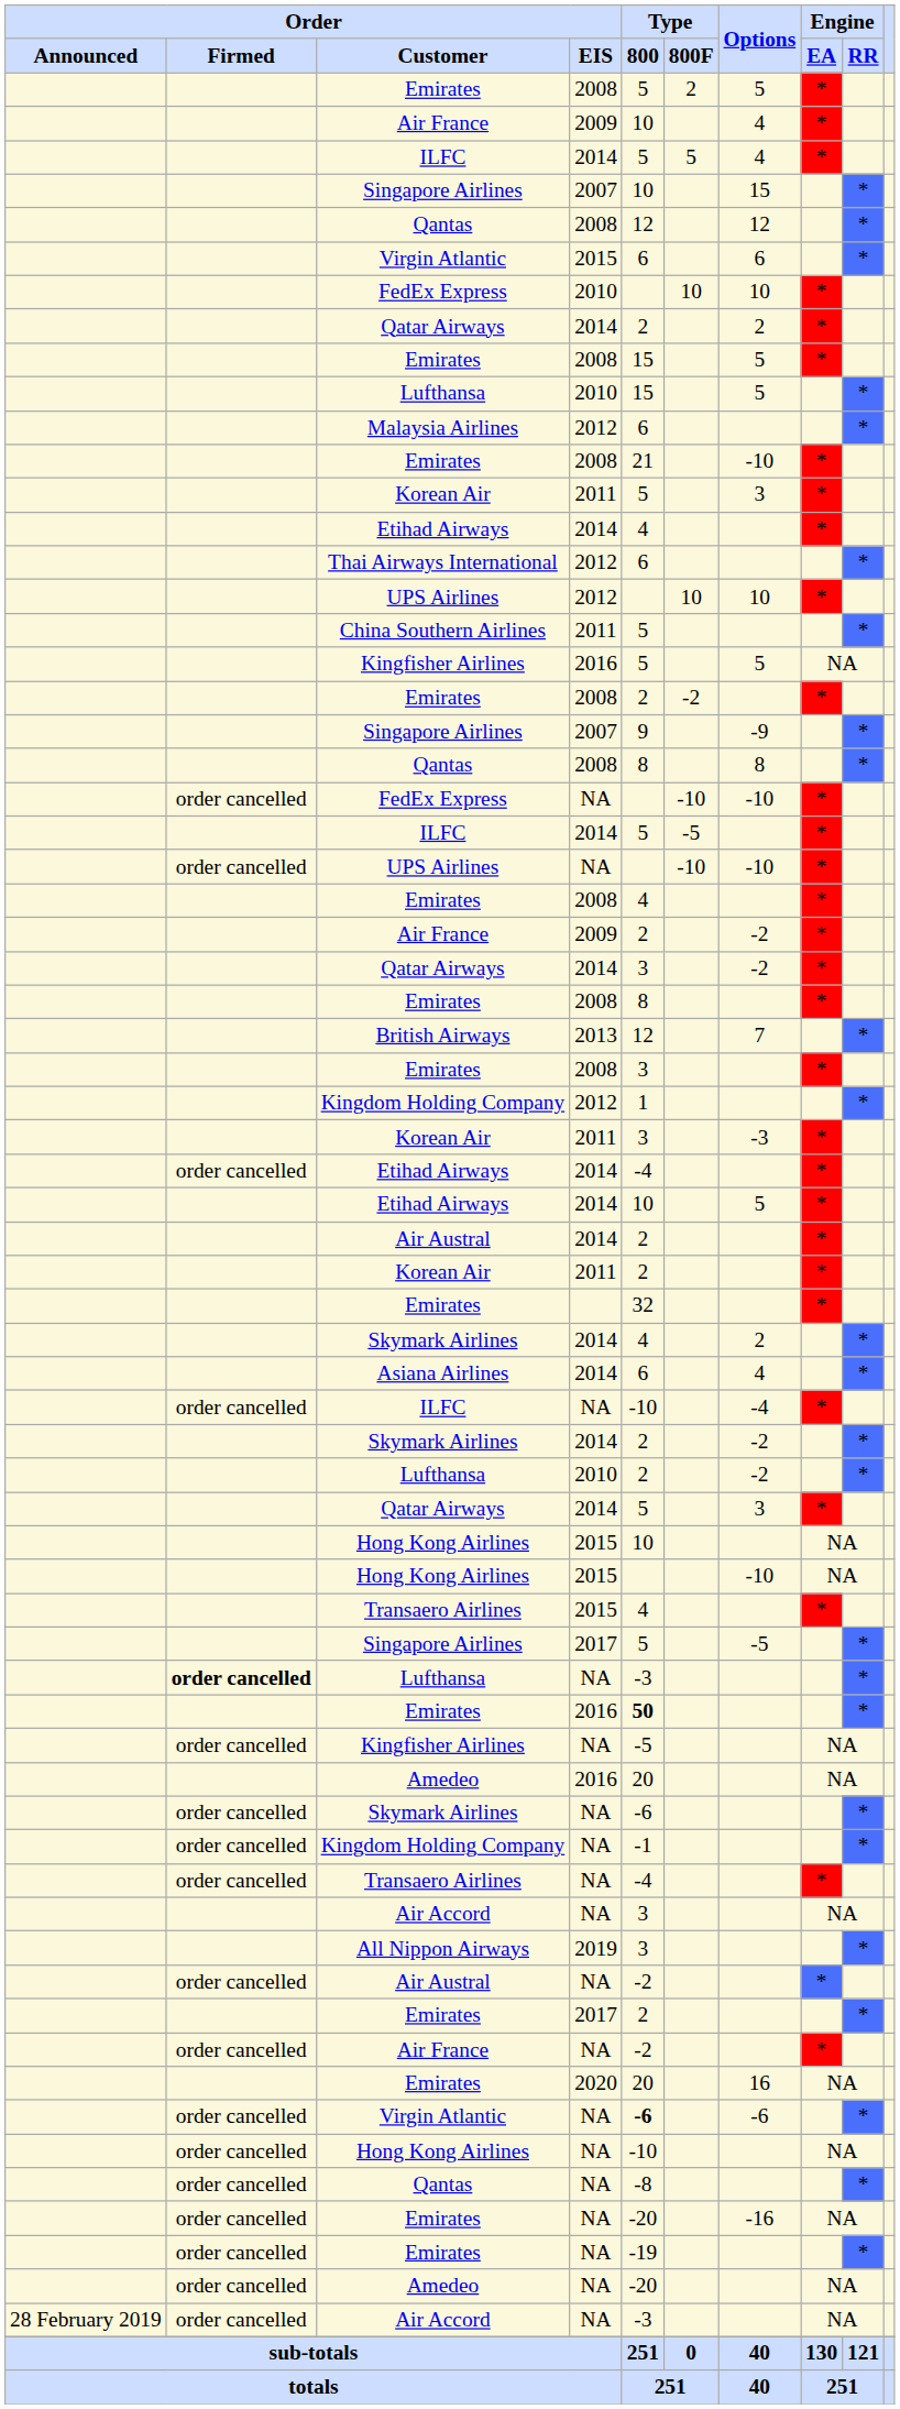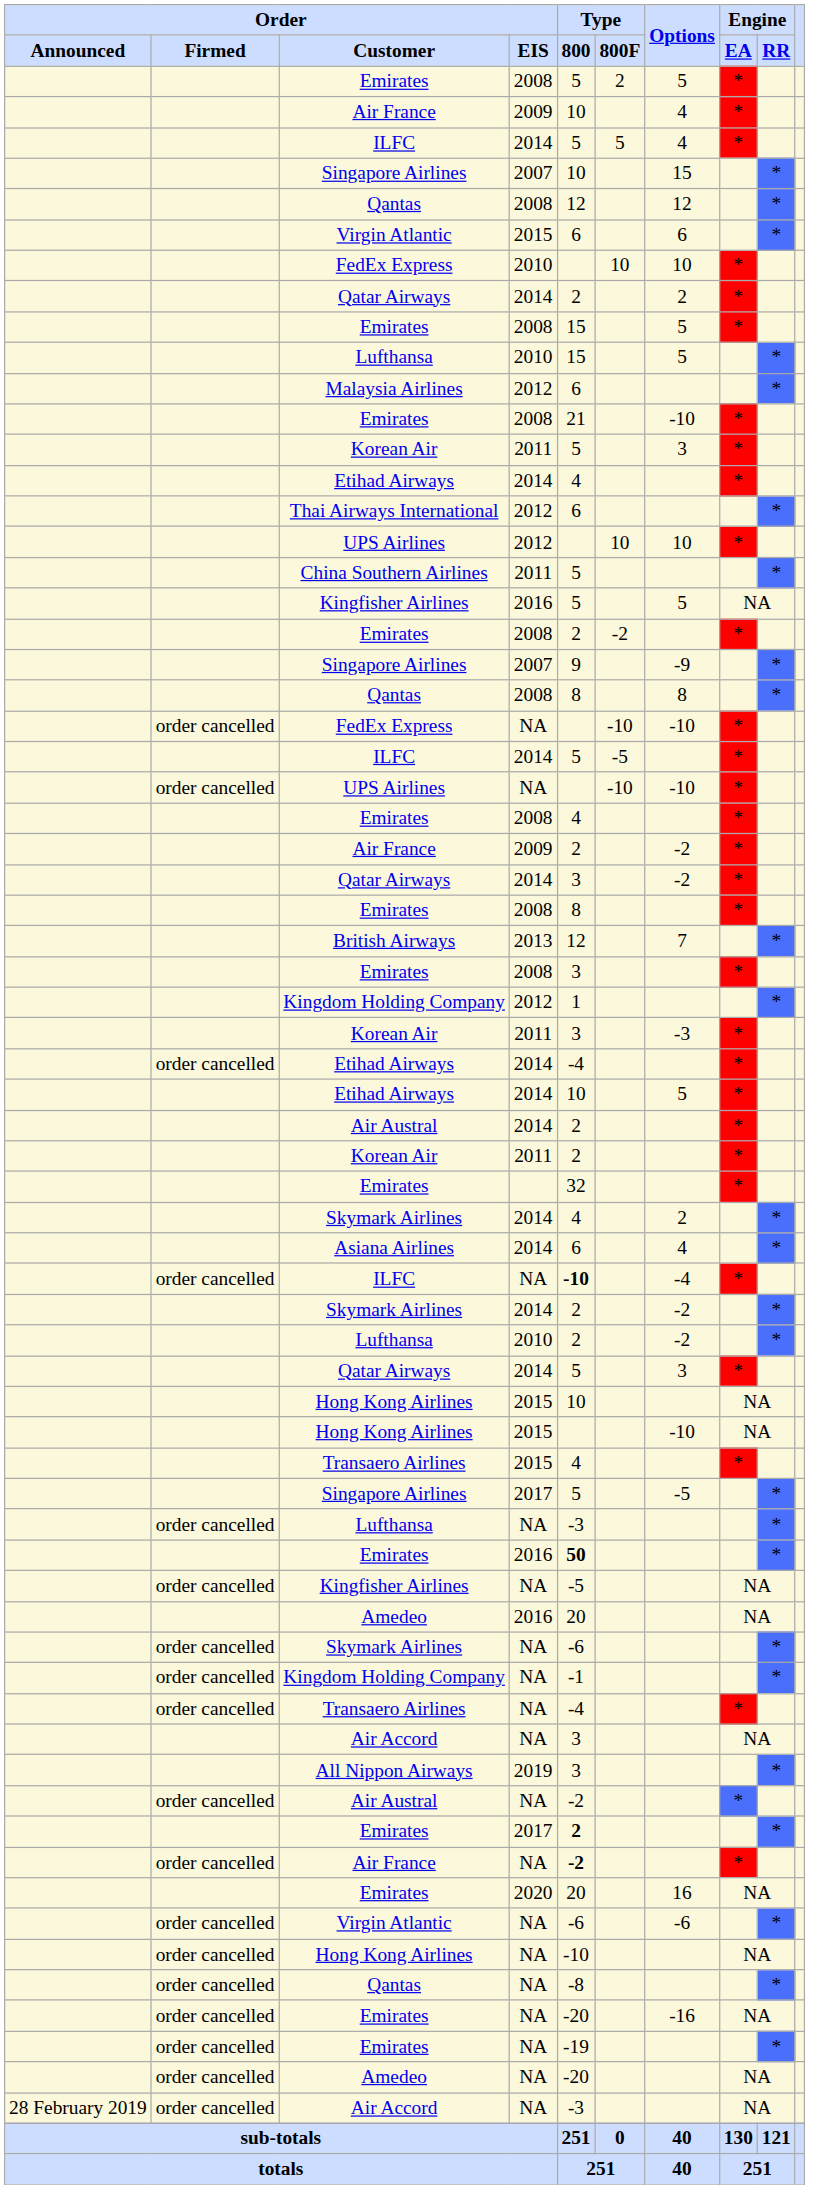 <table class="wikitable sortable sticky-header-multi" style="text-align:center; background-color:#fbf8db">
 <tr>
 <th colspan="4" style="background-color:#ccddff">Order</th>
 <th colspan="2" style="background-color:#ccddff">Type</th>
 <th rowspan="2" style="background-color:#ccddff"><a href='#'>Options</a></th>
 <th colspan="2" style="background-color:#ccddff">Engine</th>
 <th rowspan="2" style="background-color:#ccddff"></th>
 </tr>
 <tr>
 <th style="background-color:#ccddff">Announced</th>
 <th style="background-color:#ccddff">Firmed</th>
 <th style="background-color:#ccddff">Customer</th>
 <th style="background-color:#ccddff">EIS</th>
 <th style="background-color:#ccddff">800</th>
 <th style="background-color:#ccddff">800F</th>
 <th style="background-color:#ccddff"><a href='#'>EA</a></th>
 <th style="background-color:#ccddff"><a href='#'>RR</a></th>
 </tr>
 <tr>
 <td align="center"></td>
 <td align="center"></td>
 <td align="center"><a href='#'>Emirates</a></td>
 <td>2008</td>
 <td>5</td>
 <td>2</td>
 <td>5</td>
 <td style="background:red;">*</td>
 <td></td>
 <td></td>
 </tr>
 <tr>
 <td align="center"></td>
 <td align="center"></td>
 <td align="center"><a href='#'>Air France</a></td>
 <td>2009</td>
 <td>10</td>
 <td></td>
 <td>4</td>
 <td style="background:red;">*</td>
 <td></td>
 <td></td>
 </tr>
 <tr>
 <td align="center"></td>
 <td align="center"></td>
 <td align="center"><a href='#'>ILFC</a></td>
 <td>2014</td>
 <td>5</td>
 <td>5</td>
 <td>4</td>
 <td style="background:red;">*</td>
 <td></td>
 <td></td>
 </tr>
 <tr>
 <td align="center"></td>
 <td align="center"></td>
 <td align="center"><a href='#'>Singapore Airlines</a></td>
 <td>2007</td>
 <td>10</td>
 <td></td>
 <td>15</td>
 <td></td>
 <td style="background:#4a6ffd;">*</td>
 <td></td>
 </tr>
 <tr>
 <td align="center"></td>
 <td align="center"></td>
 <td align="center"><a href='#'>Qantas</a></td>
 <td>2008</td>
 <td>12</td>
 <td></td>
 <td>12</td>
 <td></td>
 <td style="background:#4a6ffd;">*</td>
 <td></td>
 </tr>
 <tr>
 <td align="center"></td>
 <td align="center"></td>
 <td align="center"><a href='#'>Virgin Atlantic</a></td>
 <td>2015</td>
 <td>6</td>
 <td></td>
 <td>6</td>
 <td></td>
 <td style="background:#4a6ffd;">*</td>
 <td></td>
 </tr>
 <tr>
 <td align="center"></td>
 <td align="center"></td>
 <td align="center"><a href='#'>FedEx Express</a></td>
 <td>2010</td>
 <td></td>
 <td>10</td>
 <td>10</td>
 <td style="background:red;">*</td>
 <td></td>
 <td></td>
 </tr>
 <tr>
 <td align="center"></td>
 <td align="center"></td>
 <td align="center"><a href='#'>Qatar Airways</a></td>
 <td>2014</td>
 <td>2</td>
 <td></td>
 <td>2</td>
 <td style="background:red;">*</td>
 <td></td>
 <td></td>
 </tr>
 <tr>
 <td align="center"></td>
 <td align="center"></td>
 <td align="center"><a href='#'>Emirates</a></td>
 <td>2008</td>
 <td>15</td>
 <td></td>
 <td>5</td>
 <td style="background:red;">*</td>
 <td></td>
 <td></td>
 </tr>
 <tr>
 <td align="center"></td>
 <td align="center"></td>
 <td align="center"><a href='#'>Lufthansa</a></td>
 <td>2010</td>
 <td>15</td>
 <td></td>
 <td>5</td>
 <td></td>
 <td style="background:#4a6ffd;">*</td>
 <td></td>
 </tr>
 <tr>
 <td align="center"></td>
 <td align="center"></td>
 <td align="center"><a href='#'>Malaysia Airlines</a></td>
 <td>2012</td>
 <td>6</td>
 <td></td>
 <td></td>
 <td></td>
 <td style="background:#4a6ffd;">*</td>
 <td></td>
 </tr>
 <tr>
 <td align="center"></td>
 <td align="center"></td>
 <td align="center"><a href='#'>Emirates</a></td>
 <td>2008</td>
 <td>21</td>
 <td></td>
 <td>-10</td>
 <td style="background:red;">*</td>
 <td></td>
 <td></td>
 </tr>
 <tr>
 <td align="center"></td>
 <td align="center"></td>
 <td align="center"><a href='#'>Korean Air</a></td>
 <td>2011</td>
 <td>5</td>
 <td></td>
 <td>3</td>
 <td style="background:red;">*</td>
 <td></td>
 <td></td>
 </tr>
 <tr>
 <td align="center"></td>
 <td align="center"></td>
 <td align="center"><a href='#'>Etihad Airways</a></td>
 <td>2014</td>
 <td>4</td>
 <td></td>
 <td></td>
 <td style="background:red;">*</td>
 <td></td>
 <td></td>
 </tr>
 <tr>
 <td align="center"></td>
 <td align="center"></td>
 <td align="center"><a href='#'>Thai Airways International</a></td>
 <td>2012</td>
 <td>6</td>
 <td></td>
 <td></td>
 <td></td>
 <td style="background:#4a6ffd;">*</td>
 <td></td>
 </tr>
 <tr>
 <td align="center"></td>
 <td align="center"></td>
 <td align="center"><a href='#'>UPS Airlines</a></td>
 <td>2012</td>
 <td></td>
 <td>10</td>
 <td>10</td>
 <td style="background:red;">*</td>
 <td></td>
 <td></td>
 </tr>
 <tr>
 <td align="center"></td>
 <td align="center"></td>
 <td align="center"><a href='#'>China Southern Airlines</a></td>
 <td>2011</td>
 <td>5</td>
 <td></td>
 <td></td>
 <td></td>
 <td style="background:#4a6ffd;">*</td>
 <td></td>
 </tr>
 <tr>
 <td align="center"></td>
 <td align="center"></td>
 <td align="center"><a href='#'>Kingfisher Airlines</a></td>
 <td>2016</td>
 <td>5</td>
 <td></td>
 <td>5</td>
 <td colspan="2">NA</td>
 <td></td>
 </tr>
 <tr>
 <td align="center"></td>
 <td align="center"></td>
 <td align="center"><a href='#'>Emirates</a></td>
 <td>2008</td>
 <td>2</td>
 <td>-2</td>
 <td></td>
 <td style="background:red;">*</td>
 <td></td>
 <td></td>
 </tr>
 <tr>
 <td align="center"></td>
 <td align="center"></td>
 <td align="center"><a href='#'>Singapore Airlines</a></td>
 <td>2007</td>
 <td>9</td>
 <td></td>
 <td>-9</td>
 <td></td>
 <td style="background:#4a6ffd;">*</td>
 <td></td>
 </tr>
 <tr>
 <td align="center"></td>
 <td align="center"></td>
 <td align="center"><a href='#'>Qantas</a></td>
 <td>2008</td>
 <td>8</td>
 <td></td>
 <td>8</td>
 <td></td>
 <td style="background:#4a6ffd;">*</td>
 <td></td>
 </tr>
 <tr>
 <td align="center"></td>
 <td align="center">order cancelled</td>
 <td align="center"><a href='#'>FedEx Express</a></td>
 <td>NA</td>
 <td></td>
 <td>-10</td>
 <td>-10</td>
 <td style="background:red;">*</td>
 <td></td>
 <td></td>
 </tr>
 <tr>
 <td align="center"></td>
 <td align="center"></td>
 <td align="center"><a href='#'>ILFC</a></td>
 <td>2014</td>
 <td>5</td>
 <td>-5</td>
 <td></td>
 <td style="background:red;">*</td>
 <td></td>
 <td></td>
 </tr>
 <tr>
 <td align="center"></td>
 <td align="center">order cancelled</td>
 <td align="center"><a href='#'>UPS Airlines</a></td>
 <td>NA</td>
 <td></td>
 <td>-10</td>
 <td>-10</td>
 <td style="background:red;">*</td>
 <td></td>
 <td></td>
 </tr>
 <tr>
 <td align="center"></td>
 <td align="center"></td>
 <td align="center"><a href='#'>Emirates</a></td>
 <td>2008</td>
 <td>4</td>
 <td></td>
 <td></td>
 <td style="background:red;">*</td>
 <td></td>
 <td></td>
 </tr>
 <tr>
 <td align="center"></td>
 <td align="center"></td>
 <td align="center"><a href='#'>Air France</a></td>
 <td>2009</td>
 <td>2</td>
 <td></td>
 <td>-2</td>
 <td style="background:red;">*</td>
 <td></td>
 <td></td>
 </tr>
 <tr>
 <td align="center"></td>
 <td align="center"></td>
 <td align="center"><a href='#'>Qatar Airways</a></td>
 <td>2014</td>
 <td>3</td>
 <td></td>
 <td>-2</td>
 <td style="background:red;">*</td>
 <td></td>
 <td></td>
 </tr>
 <tr>
 <td align="center"></td>
 <td align="center"></td>
 <td align="center"><a href='#'>Emirates</a></td>
 <td>2008</td>
 <td>8</td>
 <td></td>
 <td></td>
 <td style="background:red;">*</td>
 <td></td>
 <td></td>
 </tr>
 <tr>
 <td align="center"></td>
 <td align="center"></td>
 <td align="center"><a href='#'>British Airways</a></td>
 <td>2013</td>
 <td>12</td>
 <td></td>
 <td>7</td>
 <td></td>
 <td style="background:#4a6ffd;">*</td>
 <td></td>
 </tr>
 <tr>
 <td align="center"></td>
 <td align="center"></td>
 <td align="center"><a href='#'>Emirates</a></td>
 <td>2008</td>
 <td>3</td>
 <td></td>
 <td></td>
 <td style="background:red;">*</td>
 <td></td>
 <td></td>
 </tr>
 <tr>
 <td align="center"></td>
 <td align="center"></td>
 <td align="center"><a href='#'>Kingdom Holding Company</a></td>
 <td>2012</td>
 <td>1</td>
 <td></td>
 <td></td>
 <td></td>
 <td style="background:#4a6ffd;">*</td>
 <td></td>
 </tr>
 <tr>
 <td align="center"></td>
 <td align="center"></td>
 <td align="center"><a href='#'>Korean Air</a></td>
 <td>2011</td>
 <td>3</td>
 <td></td>
 <td>-3</td>
 <td style="background:red;">*</td>
 <td></td>
 <td></td>
 </tr>
 <tr>
 <td align="center"></td>
 <td align="center">order cancelled</td>
 <td align="center"><a href='#'>Etihad Airways</a></td>
 <td>2014</td>
 <td>-4</td>
 <td></td>
 <td></td>
 <td style="background:red;">*</td>
 <td></td>
 <td></td>
 </tr>
 <tr>
 <td align="center"></td>
 <td align="center"></td>
 <td align="center"><a href='#'>Etihad Airways</a></td>
 <td>2014</td>
 <td>10</td>
 <td></td>
 <td>5</td>
 <td style="background:red;">*</td>
 <td></td>
 <td></td>
 </tr>
 <tr>
 <td align="center"></td>
 <td align="center"></td>
 <td align="center"><a href='#'>Air Austral</a></td>
 <td>2014</td>
 <td>2</td>
 <td></td>
 <td></td>
 <td style="background:red;">*</td>
 <td></td>
 <td></td>
 </tr>
 <tr>
 <td align="center"></td>
 <td align="center"></td>
 <td align="center"><a href='#'>Korean Air</a></td>
 <td>2011</td>
 <td>2</td>
 <td></td>
 <td></td>
 <td style="background:red;">*</td>
 <td></td>
 <td></td>
 </tr>
 <tr>
 <td align="center"></td>
 <td align="center"></td>
 <td align="center"><a href='#'>Emirates</a></td>
 <td></td>
 <td>32</td>
 <td></td>
 <td></td>
 <td style="background:red;">*</td>
 <td></td>
 <td></td>
 </tr>
 <tr>
 <td align="center"></td>
 <td align="center"></td>
 <td align="center"><a href='#'>Skymark Airlines</a></td>
 <td>2014</td>
 <td>4</td>
 <td></td>
 <td>2</td>
 <td></td>
 <td style="background:#4a6ffd;">*</td>
 <td></td>
 </tr>
 <tr>
 <td align="center"></td>
 <td align="center"></td>
 <td align="center"><a href='#'>Asiana Airlines</a></td>
 <td>2014</td>
 <td>6</td>
 <td></td>
 <td>4</td>
 <td></td>
 <td style="background:#4a6ffd;">*</td>
 <td></td>
 </tr>
 <tr>
 <td align="center"></td>
 <td align="center">order cancelled</td>
 <td align="center"><a href='#'>ILFC</a></td>
 <td>NA</td>
-<td>-10</td>
+<td><strong>-10</strong></td>
 <td></td>
 <td>-4</td>
 <td style="background:red;">*</td>
 <td></td>
 <td></td>
 </tr>
 <tr>
 <td align="center"></td>
 <td align="center"></td>
 <td align="center"><a href='#'>Skymark Airlines</a></td>
 <td>2014</td>
 <td>2</td>
 <td></td>
 <td>-2</td>
 <td></td>
 <td style="background:#4a6ffd;">*</td>
 <td></td>
 </tr>
 <tr>
 <td align="center"></td>
 <td align="center"></td>
 <td align="center"><a href='#'>Lufthansa</a></td>
 <td>2010</td>
 <td>2</td>
 <td></td>
 <td>-2</td>
 <td></td>
 <td style="background:#4a6ffd;">*</td>
 <td></td>
 </tr>
 <tr>
 <td align="center"></td>
 <td align="center"></td>
 <td align="center"><a href='#'>Qatar Airways</a></td>
 <td>2014</td>
 <td>5</td>
 <td></td>
 <td>3</td>
 <td style="background:red;">*</td>
 <td></td>
 <td></td>
 </tr>
 <tr>
 <td align="center"></td>
 <td align="center"></td>
 <td align="center"><a href='#'>Hong Kong Airlines</a></td>
 <td>2015</td>
 <td>10</td>
 <td></td>
 <td></td>
 <td colspan="2">NA</td>
 <td></td>
 </tr>
 <tr>
 <td align="center"></td>
 <td align="center"></td>
 <td align="center"><a href='#'>Hong Kong Airlines</a></td>
 <td>2015</td>
 <td></td>
 <td></td>
 <td>-10</td>
 <td colspan="2">NA</td>
 <td></td>
 </tr>
 <tr>
 <td align="center"></td>
 <td align="center"></td>
 <td align="center"><a href='#'>Transaero Airlines</a></td>
 <td>2015</td>
 <td>4</td>
 <td></td>
 <td></td>
 <td style="background:red;">*</td>
 <td></td>
 <td></td>
 </tr>
 <tr>
 <td align="center"></td>
 <td align="center"></td>
 <td align="center"><a href='#'>Singapore Airlines</a></td>
 <td>2017</td>
 <td>5</td>
 <td></td>
 <td>-5</td>
 <td></td>
 <td style="background:#4a6ffd;">*</td>
 <td></td>
 </tr>
 <tr>
 <td align="center"></td>
-<td align="center"><strong>order cancelled</strong></td>
+<td align="center">order cancelled</td>
 <td align="center"><a href='#'>Lufthansa</a></td>
 <td>NA</td>
 <td>-3</td>
 <td></td>
 <td></td>
 <td></td>
 <td style="background:#4a6ffd;">*</td>
 <td></td>
 </tr>
 <tr>
 <td align="center"></td>
 <td align="center"></td>
 <td align="center"><a href='#'>Emirates</a></td>
 <td>2016</td>
 <td><strong>50</strong></td>
 <td></td>
 <td></td>
 <td></td>
 <td style="background:#4a6ffd;">*</td>
 <td></td>
 </tr>
 <tr>
 <td align="center"></td>
 <td align="center">order cancelled</td>
 <td align="center"><a href='#'>Kingfisher Airlines</a></td>
 <td>NA</td>
 <td>-5</td>
 <td></td>
 <td></td>
 <td colspan="2">NA</td>
 <td></td>
 </tr>
 <tr>
 <td align="center"></td>
 <td align="center"></td>
 <td align="center"><a href='#'>Amedeo</a></td>
 <td>2016</td>
 <td>20</td>
 <td></td>
 <td></td>
 <td colspan="2">NA</td>
 <td></td>
 </tr>
 <tr>
 <td align="center"></td>
 <td align="center">order cancelled</td>
 <td align="center"><a href='#'>Skymark Airlines</a></td>
 <td>NA</td>
 <td>-6</td>
 <td></td>
 <td></td>
 <td></td>
 <td style="background:#4a6ffd;">*</td>
 <td></td>
 </tr>
 <tr>
 <td align="center"></td>
 <td align="center">order cancelled</td>
 <td align="center"><a href='#'>Kingdom Holding Company</a></td>
 <td>NA</td>
 <td>-1</td>
 <td></td>
 <td></td>
 <td></td>
 <td style="background:#4a6ffd;">*</td>
 <td></td>
 </tr>
 <tr>
 <td align="center"></td>
 <td align="center">order cancelled</td>
 <td align="center"><a href='#'>Transaero Airlines</a></td>
 <td>NA</td>
 <td>-4</td>
 <td></td>
 <td></td>
 <td style="background:red;">*</td>
 <td></td>
 <td></td>
 </tr>
 <tr>
 <td align="center"></td>
 <td align="center"></td>
 <td align="center"><a href='#'>Air Accord</a></td>
 <td>NA</td>
 <td>3</td>
 <td></td>
 <td></td>
 <td colspan="2">NA</td>
 <td></td>
 </tr>
 <tr>
 <td align="center"></td>
 <td align="center"></td>
 <td align="center"><a href='#'>All Nippon Airways</a></td>
 <td>2019</td>
 <td>3</td>
 <td></td>
 <td></td>
 <td></td>
 <td style="background:#4a6ffd;">*</td>
 <td></td>
 </tr>
 <tr>
 <td align="center"></td>
 <td align="center">order cancelled</td>
 <td align="center"><a href='#'>Air Austral</a></td>
 <td>NA</td>
 <td>-2</td>
 <td></td>
 <td></td>
 <td style="background:#4a6ffd;">*</td>
 <td></td>
 </tr>
 <tr>
 <td align="center"></td>
 <td align="center"></td>
 <td align="center"><a href='#'>Emirates</a></td>
 <td>2017</td>
-<td>2</td>
+<td><strong>2</strong></td>
 <td></td>
 <td></td>
 <td></td>
 <td style="background:#4a6ffd;">*</td>
 <td></td>
 </tr>
 <tr>
 <td align="center"></td>
 <td align="center">order cancelled</td>
 <td align="center"><a href='#'>Air France</a></td>
 <td>NA</td>
-<td>-2</td>
+<td><strong>-2</strong></td>
 <td></td>
 <td></td>
 <td style="background:red;">*</td>
 <td></td>
 <td></td>
 </tr>
 <tr>
 <td align="center"></td>
 <td align="center"></td>
 <td align="center"><a href='#'>Emirates</a></td>
 <td>2020</td>
 <td>20</td>
 <td></td>
 <td>16</td>
 <td colspan="2">NA</td>
 <td></td>
 </tr>
 <tr>
 <td align="center"></td>
 <td align="center">order cancelled</td>
 <td align="center"><a href='#'>Virgin Atlantic</a></td>
 <td>NA</td>
-<td><strong>-6</strong></td>
+<td>-6</td>
 <td></td>
 <td>-6</td>
 <td></td>
 <td style="background:#4a6ffd;">*</td>
 <td></td>
 </tr>
 <tr>
 <td align="center"></td>
 <td align="center">order cancelled</td>
 <td align="center"><a href='#'>Hong Kong Airlines</a></td>
 <td>NA</td>
 <td>-10</td>
 <td></td>
 <td></td>
 <td colspan="2">NA</td>
 <td></td>
 </tr>
 <tr>
 <td align="center"></td>
 <td align="center">order cancelled</td>
 <td align="center"><a href='#'>Qantas</a></td>
 <td>NA</td>
 <td>-8</td>
 <td></td>
 <td></td>
 <td></td>
 <td style="background:#4a6ffd;">*</td>
 <td></td>
 </tr>
 <tr>
 <td align="center"></td>
 <td align="center">order cancelled</td>
 <td align="center"><a href='#'>Emirates</a></td>
 <td>NA</td>
 <td>-20</td>
 <td></td>
 <td>-16</td>
 <td colspan="2">NA</td>
 <td></td>
 </tr>
 <tr>
 <td align="center"></td>
 <td align="center">order cancelled</td>
 <td align="center"><a href='#'>Emirates</a></td>
 <td>NA</td>
 <td>-19</td>
 <td></td>
 <td></td>
 <td></td>
 <td style="background:#4a6ffd;">*</td>
 <td></td>
 </tr>
 <tr>
 <td align="center"></td>
 <td align="center">order cancelled</td>
 <td align="center"><a href='#'>Amedeo</a></td>
 <td>NA</td>
 <td>-20</td>
 <td></td>
 <td></td>
 <td colspan="2">NA</td>
 <td></td>
 </tr>
 <tr>
 <td>28 February 2019</td>
 <td>order cancelled</td>
 <td><a href='#'>Air Accord</a></td>
 <td>NA</td>
 <td>-3</td>
 <td></td>
 <td></td>
 <td colspan="2">NA</td>
 <td></td>
 </tr>
 <tr>
 </tr>
 <tr style="font-weight:bold; background-color:#ccddff">
 <td colspan="4">sub-totals</td>
 <td>251</td>
 <td>0   </td>
 <td>40   </td>
 <td>130 </td>
 <td>121 </td>
 <td></td>
 </tr>
 <tr style="font-weight:bold; background-color:#ccddff">
 <td colspan="4">totals</td>
 <td colspan="2">251</td>
 <td>40</td>
 <td colspan="2">251</td>
 <td></td>
 </tr>
 </table>
